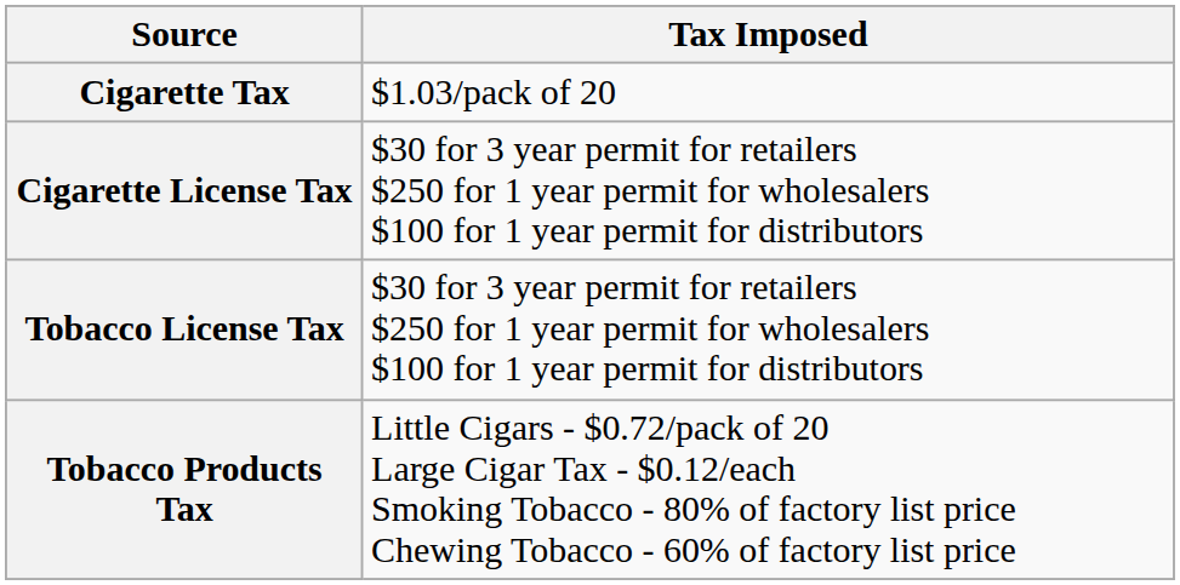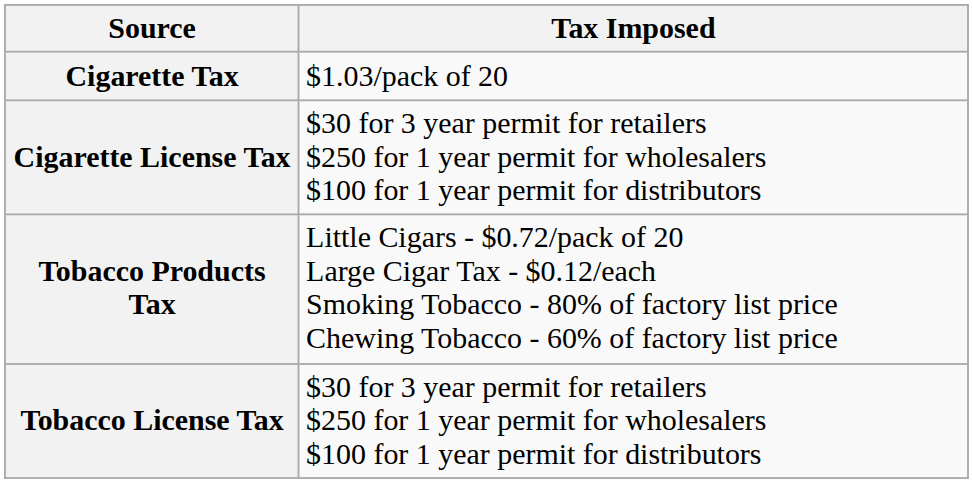 <table class="wikitable">
 <tr>
 <th width=150>Source</th>
 <th width=350>Tax Imposed</th>
 </tr>
 <tr>
 <th>Cigarette Tax</th>
 <td>$1.03/pack of 20</td>
 </tr>
 <tr>
 <th>Cigarette License Tax</th>
 <td>$30 for 3 year permit for retailers<br>$250 for 1 year permit for wholesalers<br> $100 for 1 year permit for distributors</td>
 </tr>
 <tr>
+<th>Tobacco Products Tax</th>
+<td>Little Cigars - $0.72/pack of 20<br>Large Cigar Tax - $0.12/each<br> Smoking Tobacco - 80% of factory list price<br> Chewing Tobacco - 60% of factory list price</td>
+</tr>
+<tr>
 <th>Tobacco License Tax</th>
 <td>$30 for 3 year permit for retailers<br>$250 for 1 year permit for wholesalers<br> $100 for 1 year permit for distributors</td>
 </tr>
-<tr>
-<th>Tobacco Products Tax</th>
-<td>Little Cigars - $0.72/pack of 20<br>Large Cigar Tax - $0.12/each<br> Smoking Tobacco - 80% of factory list price<br> Chewing Tobacco - 60% of factory list price</td>
-</tr>
 </table>
